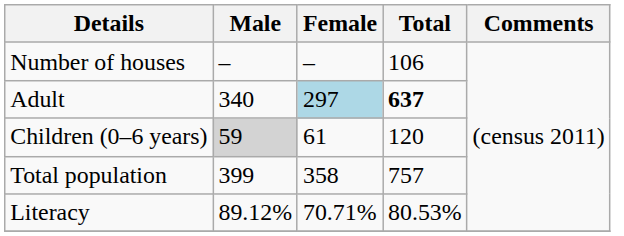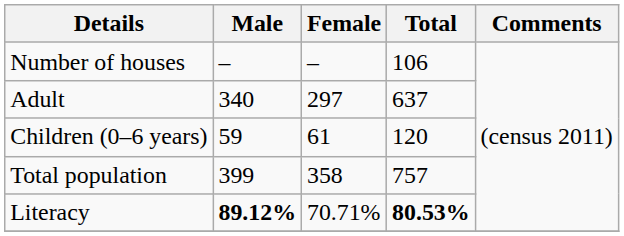 <table class="wikitable sortable">
 <tr>
 <th>Details</th>
 <th>Male</th>
 <th>Female</th>
 <th>Total</th>
 <th>Comments</th>
 </tr>
 <tr>
 <td>Number of houses</td>
 <td>–</td>
 <td>–</td>
 <td>106</td>
 <td rowspan="5">(census 2011)</td>
 </tr>
 <tr>
 <td>Adult</td>
 <td>340</td>
-<td style="background: lightblue;">297</td>
-<td><strong>637</strong></td>
+<td>297</td>
+<td>637</td>
 </tr>
 <tr>
 <td>Children (0–6 years)</td>
-<td style="background: lightgrey;">59</td>
+<td>59</td>
 <td>61</td>
 <td>120</td>
 </tr>
 <tr>
 <td>Total population</td>
 <td>399</td>
 <td>358</td>
 <td>757</td>
 </tr>
 <tr>
 <td>Literacy</td>
-<td>89.12%</td>
+<td><strong>89.12%</strong></td>
 <td>70.71%</td>
-<td>80.53%</td>
+<td><strong>80.53%</strong></td>
 </tr>
 <tr>
 </tr>
 </table>
